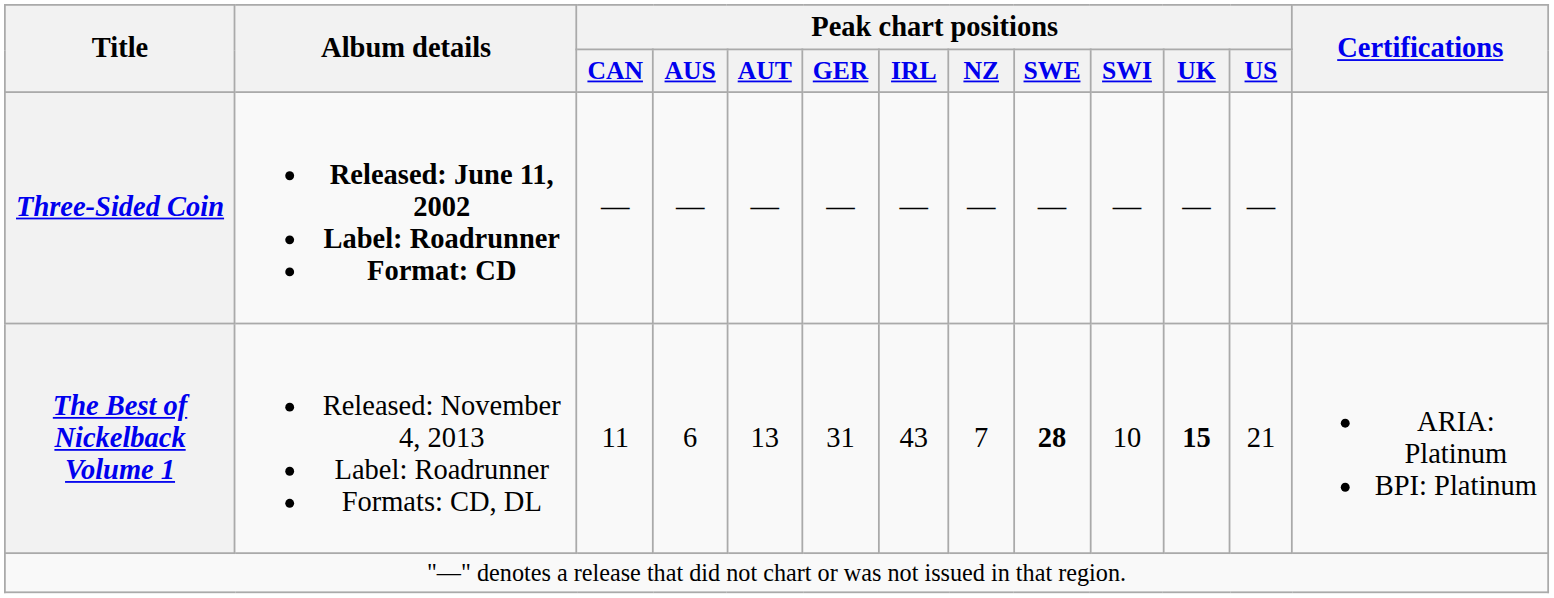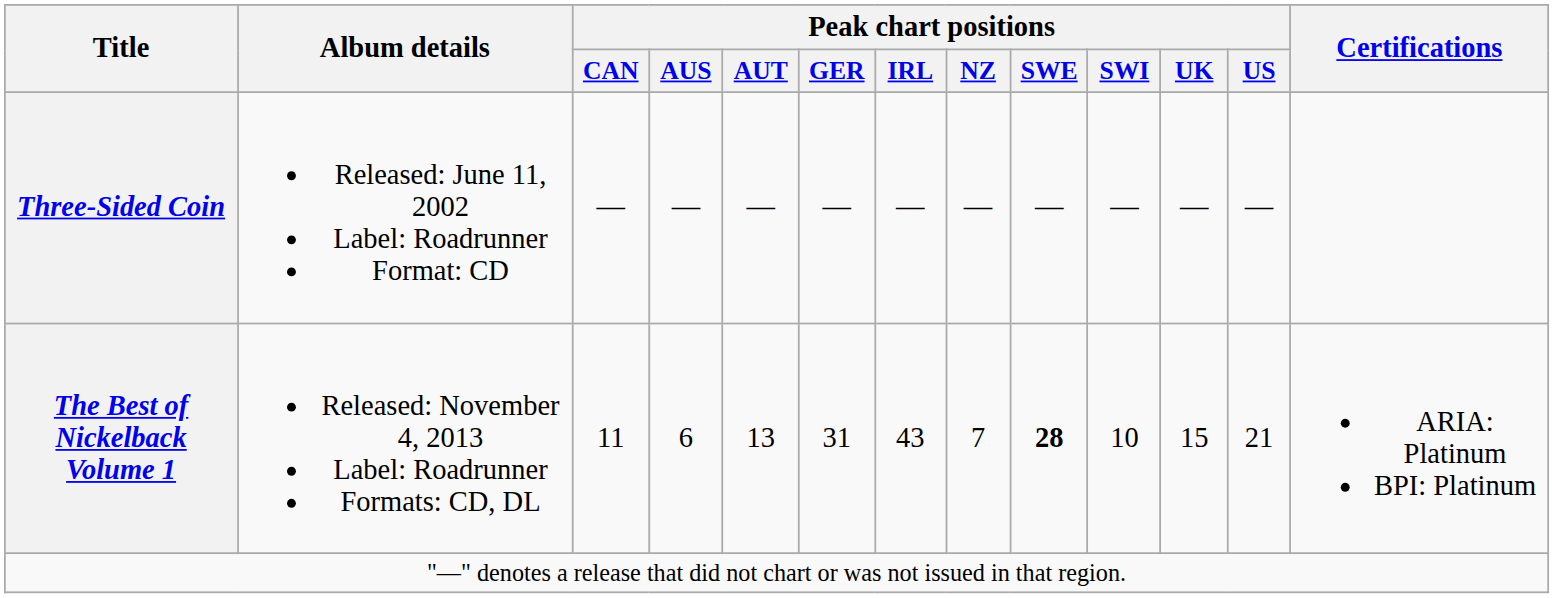 <table class="wikitable plainrowheaders" style="text-align:center;">
 <tr>
 <th scope="col" rowspan="2" style="width:12em;">Title</th>
 <th scope="col" rowspan="2" style="width:17em;">Album details</th>
 <th scope="col" colspan="10">Peak chart positions</th>
 <th scope="col" rowspan="2" style="width:12em;"><a href='#'>Certifications</a></th>
 </tr>
 <tr>
 <th scope="col" style="width:3em;font-size:90%;"><a href='#'>CAN</a><br></th>
 <th scope="col" style="width:3em;font-size:90%;"><a href='#'>AUS</a><br></th>
 <th scope="col" style="width:3em;font-size:90%;"><a href='#'>AUT</a><br></th>
 <th scope="col" style="width:3em;font-size:90%;"><a href='#'>GER</a><br></th>
 <th scope="col" style="width:3em;font-size:90%;"><a href='#'>IRL</a><br></th>
 <th scope="col" style="width:3em;font-size:90%;"><a href='#'>NZ</a><br></th>
 <th scope="col" style="width:3em;font-size:90%;"><a href='#'>SWE</a><br></th>
 <th scope="col" style="width:3em;font-size:90%;"><a href='#'>SWI</a><br></th>
 <th scope="col" style="width:3em;font-size:90%;"><a href='#'>UK</a><br></th>
 <th scope="col" style="width:3em;font-size:90%;"><a href='#'>US</a><br></th>
 </tr>
 <tr>
 <th scope="row"><em><a href='#'>Three-Sided Coin</a></em><br></th>
-<td><strong><br><ul><li>Released: June 11, 2002</li><li>Label: Roadrunner</li><li>Format: CD</li></ul></strong></td>
+<td><br><ul><li>Released: June 11, 2002</li><li>Label: Roadrunner</li><li>Format: CD</li></ul></td>
 <td>—</td>
 <td>—</td>
 <td>—</td>
 <td>—</td>
 <td>—</td>
 <td>—</td>
 <td>—</td>
 <td>—</td>
 <td>—</td>
 <td>—</td>
 <td></td>
 </tr>
 <tr>
 <th scope="row"><em><a href='#'>The Best of Nickelback<br>Volume 1</a></em></th>
 <td><br><ul><li>Released: November 4, 2013</li><li>Label: Roadrunner</li><li>Formats: CD, DL</li></ul></td>
 <td>11</td>
 <td>6</td>
 <td>13</td>
 <td>31</td>
 <td>43</td>
 <td>7</td>
 <td><strong>28</strong></td>
 <td>10</td>
-<td><strong>15</strong></td>
+<td>15</td>
 <td>21</td>
 <td><br><ul><li>ARIA: Platinum</li><li>BPI: Platinum</li></ul></td>
 </tr>
 <tr>
 <td colspan="14" style="font-size: 85%">"—" denotes a release that did not chart or was not issued in that region.</td>
 </tr>
 </table>
